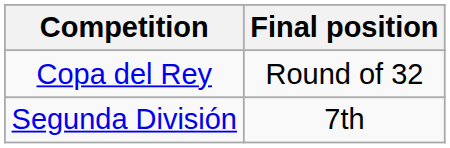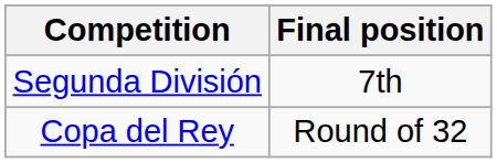 <table class="wikitable" style="font-size:100%; text-align:center">
 <tr>
 <th>Competition</th>
 <th>Final position</th>
 </tr>
 <tr style="background:">
+<td><a href='#'>Segunda División</a></td>
+<td>7th</td>
+</tr>
+<tr style="background:">
 <td><a href='#'>Copa del Rey</a></td>
 <td>Round of 32</td>
 </tr>
-<tr style="background:">
-<td><a href='#'>Segunda División</a></td>
-<td>7th</td>
-</tr>
 </table>
